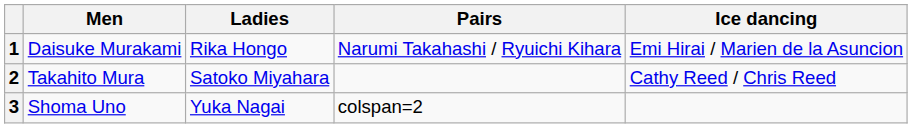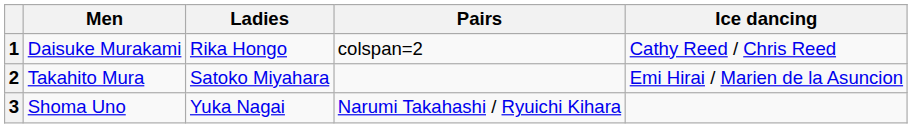 <table class="wikitable">
 <tr>
 <th></th>
 <th>Men</th>
 <th>Ladies</th>
 <th>Pairs</th>
 <th>Ice dancing</th>
 </tr>
 <tr>
 <th>1</th>
 <td><a href='#'>Daisuke Murakami</a></td>
 <td><a href='#'>Rika Hongo</a></td>
-<td><a href='#'>Narumi Takahashi</a> / <a href='#'>Ryuichi Kihara</a></td>
-<td><a href='#'>Emi Hirai</a> / <a href='#'>Marien de la Asuncion</a></td>
+<td>colspan=2 </td>
+<td><a href='#'>Cathy Reed</a> / <a href='#'>Chris Reed</a></td>
 </tr>
 <tr>
 <th>2</th>
 <td><a href='#'>Takahito Mura</a></td>
 <td><a href='#'>Satoko Miyahara</a></td>
 <td></td>
-<td><a href='#'>Cathy Reed</a> / <a href='#'>Chris Reed</a></td>
+<td><a href='#'>Emi Hirai</a> / <a href='#'>Marien de la Asuncion</a></td>
 </tr>
 <tr>
 <th>3</th>
 <td><a href='#'>Shoma Uno</a></td>
 <td><a href='#'>Yuka Nagai</a></td>
-<td>colspan=2 </td>
+<td><a href='#'>Narumi Takahashi</a> / <a href='#'>Ryuichi Kihara</a></td>
 </tr>
 </table>
